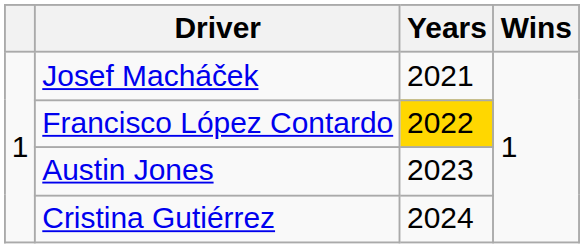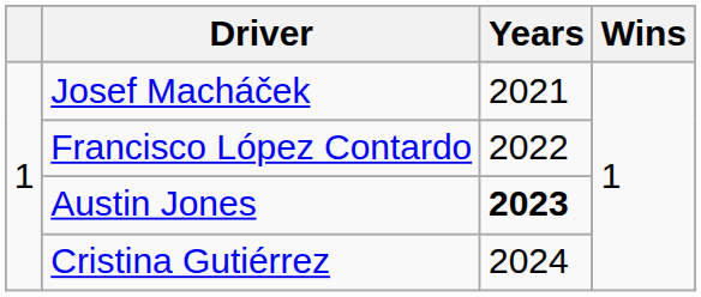 <table class="wikitable">
 <tr>
 <th></th>
 <th>Driver</th>
 <th>Years</th>
 <th>Wins</th>
 </tr>
 <tr>
 <td rowspan="4">1</td>
 <td> <a href='#'>Josef Macháček</a></td>
 <td>2021</td>
 <td rowspan="4">1</td>
 </tr>
 <tr>
 <td> <a href='#'>Francisco López Contardo</a></td>
-<td style="background: gold;">2022</td>
+<td>2022</td>
 </tr>
 <tr>
 <td> <a href='#'>Austin Jones</a></td>
-<td>2023</td>
+<td><strong>2023</strong></td>
 </tr>
 <tr>
 <td> <a href='#'>Cristina Gutiérrez</a></td>
 <td>2024</td>
 </tr>
 </table>
